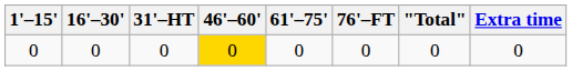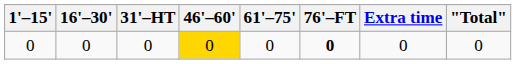 <table class="wikitable" style="text-align:center">
 <tr>
 <th>1'–15'</th>
 <th>16'–30'</th>
 <th>31'–HT</th>
 <th>46'–60'</th>
 <th>61'–75'</th>
 <th>76'–FT</th>
+<th><a href='#'>Extra time</a></th>
 <th>"Total"</th>
-<th><a href='#'>Extra time</a></th>
 </tr>
 <tr>
 <td>0</td>
 <td>0</td>
 <td>0</td>
 <td style="background: gold;">0</td>
 <td>0</td>
-<td>0</td>
+<td><strong>0</strong></td>
 <td>0</td>
 <td>0</td>
 </tr>
 </table>
